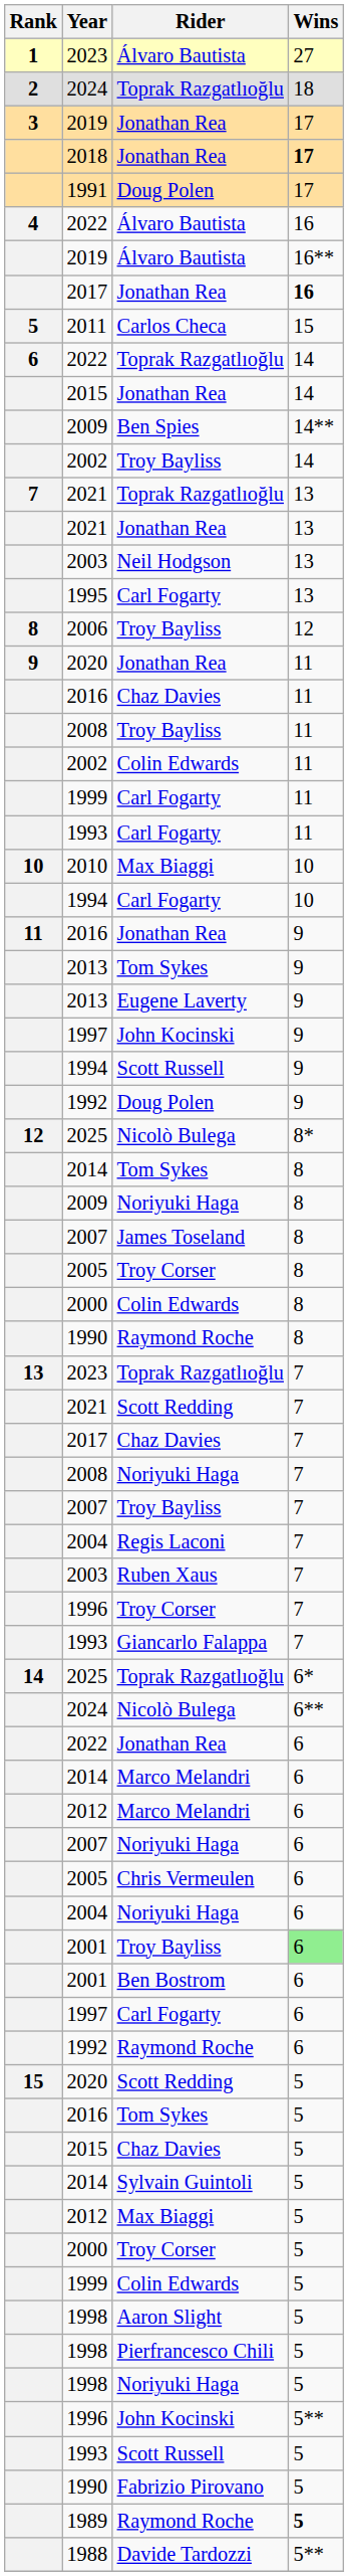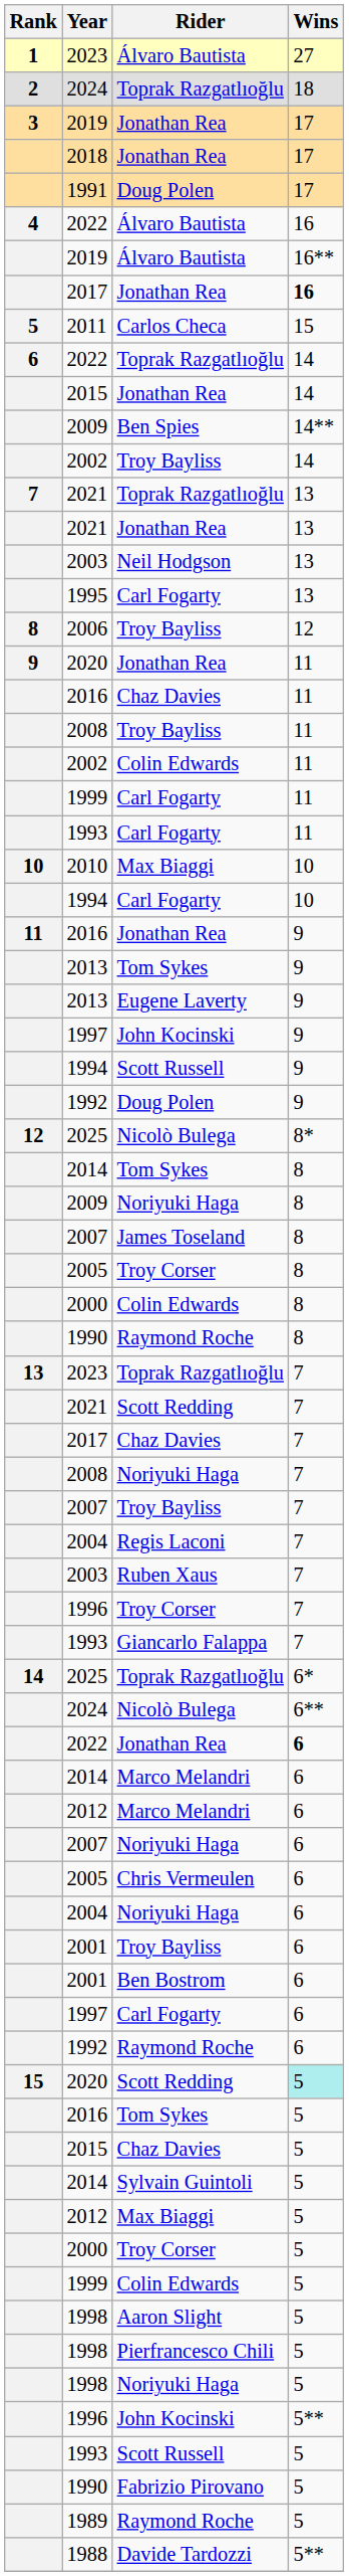 <table class="wikitable" style="font-size: 95%;">
 <tr>
 <th>Rank</th>
 <th>Year</th>
 <th>Rider</th>
 <th>Wins</th>
 </tr>
 <tr>
 <th style="background:#ffffbf;" align="center">1</th>
 <td style="background:#ffffbf;">2023</td>
 <td style="background:#ffffbf;"> <a href='#'>Álvaro Bautista</a></td>
 <td style="background:#ffffbf;">27</td>
 </tr>
 <tr>
 <th style="background:#dfdfdf;" align="center">2</th>
 <td style="background:#dfdfdf;">2024</td>
 <td style="background:#dfdfdf;"> <a href='#'>Toprak Razgatlıoğlu</a></td>
 <td style="background:#dfdfdf;">18</td>
 </tr>
 <tr>
 <th style="background:#ffdf9f;" align="center">3</th>
 <td style="background:#ffdf9f;">2019</td>
 <td style="background:#ffdf9f;"> <a href='#'>Jonathan Rea</a></td>
 <td style="background:#ffdf9f;">17</td>
 </tr>
 <tr>
 <td style="background:#ffdf9f;" align="center"></td>
 <td style="background:#ffdf9f;">2018</td>
 <td style="background:#ffdf9f;"> <a href='#'>Jonathan Rea</a></td>
-<td style="background:#ffdf9f;"><strong>17</strong></td>
+<td style="background:#ffdf9f;">17</td>
 </tr>
 <tr>
 <td style="background:#ffdf9f;" align="center"></td>
 <td style="background:#ffdf9f;">1991</td>
 <td style="background:#ffdf9f;"> <a href='#'>Doug Polen</a></td>
 <td style="background:#ffdf9f;">17</td>
 </tr>
 <tr>
 <th>4</th>
 <td>2022</td>
 <td> <a href='#'>Álvaro Bautista</a></td>
 <td>16</td>
 </tr>
 <tr>
 <th></th>
 <td>2019</td>
 <td> <a href='#'>Álvaro Bautista</a></td>
 <td>16**</td>
 </tr>
 <tr>
 <th></th>
 <td>2017</td>
 <td> <a href='#'>Jonathan Rea</a></td>
 <td><strong>16</strong></td>
 </tr>
 <tr>
 <th>5</th>
 <td>2011</td>
 <td> <a href='#'>Carlos Checa</a></td>
 <td>15</td>
 </tr>
 <tr>
 <th>6</th>
 <td>2022</td>
 <td> <a href='#'>Toprak Razgatlıoğlu</a></td>
 <td>14</td>
 </tr>
 <tr>
 <th></th>
 <td>2015</td>
 <td> <a href='#'>Jonathan Rea</a></td>
 <td>14</td>
 </tr>
 <tr>
 <th></th>
 <td>2009</td>
 <td> <a href='#'>Ben Spies</a></td>
 <td>14**</td>
 </tr>
 <tr>
 <th></th>
 <td>2002</td>
 <td> <a href='#'>Troy Bayliss</a></td>
 <td>14</td>
 </tr>
 <tr>
 <th>7</th>
 <td>2021</td>
 <td> <a href='#'>Toprak Razgatlıoğlu</a></td>
 <td>13</td>
 </tr>
 <tr>
 <th></th>
 <td>2021</td>
 <td> <a href='#'>Jonathan Rea</a></td>
 <td>13</td>
 </tr>
 <tr>
 <th></th>
 <td>2003</td>
 <td> <a href='#'>Neil Hodgson</a></td>
 <td>13</td>
 </tr>
 <tr>
 <th></th>
 <td>1995</td>
 <td> <a href='#'>Carl Fogarty</a></td>
 <td>13</td>
 </tr>
 <tr>
 <th>8</th>
 <td>2006</td>
 <td> <a href='#'>Troy Bayliss</a></td>
 <td>12</td>
 </tr>
 <tr>
 <th>9</th>
 <td>2020</td>
 <td> <a href='#'>Jonathan Rea</a></td>
 <td>11</td>
 </tr>
 <tr>
 <th></th>
 <td>2016</td>
 <td> <a href='#'>Chaz Davies</a></td>
 <td>11</td>
 </tr>
 <tr>
 <th></th>
 <td>2008</td>
 <td> <a href='#'>Troy Bayliss</a></td>
 <td>11</td>
 </tr>
 <tr>
 <th></th>
 <td>2002</td>
 <td> <a href='#'>Colin Edwards</a></td>
 <td>11</td>
 </tr>
 <tr>
 <th></th>
 <td>1999</td>
 <td> <a href='#'>Carl Fogarty</a></td>
 <td>11</td>
 </tr>
 <tr>
 <th></th>
 <td>1993</td>
 <td> <a href='#'>Carl Fogarty</a></td>
 <td>11</td>
 </tr>
 <tr>
 <th>10</th>
 <td>2010</td>
 <td> <a href='#'>Max Biaggi</a></td>
 <td>10</td>
 </tr>
 <tr>
 <th></th>
 <td>1994</td>
 <td> <a href='#'>Carl Fogarty</a></td>
 <td>10</td>
 </tr>
 <tr>
 <th>11</th>
 <td>2016</td>
 <td> <a href='#'>Jonathan Rea</a></td>
 <td>9</td>
 </tr>
 <tr>
 <th></th>
 <td>2013</td>
 <td> <a href='#'>Tom Sykes</a></td>
 <td>9</td>
 </tr>
 <tr>
 <th></th>
 <td>2013</td>
 <td> <a href='#'>Eugene Laverty</a></td>
 <td>9</td>
 </tr>
 <tr>
 <th></th>
 <td>1997</td>
 <td> <a href='#'>John Kocinski</a></td>
 <td>9</td>
 </tr>
 <tr>
 <th></th>
 <td>1994</td>
 <td> <a href='#'>Scott Russell</a></td>
 <td>9</td>
 </tr>
 <tr>
 <th></th>
 <td>1992</td>
 <td> <a href='#'>Doug Polen</a></td>
 <td>9</td>
 </tr>
 <tr>
 <th>12</th>
 <td>2025</td>
 <td> <a href='#'>Nicolò Bulega</a></td>
 <td>8*</td>
 </tr>
 <tr>
 <th></th>
 <td>2014</td>
 <td> <a href='#'>Tom Sykes</a></td>
 <td>8</td>
 </tr>
 <tr>
 <th></th>
 <td>2009</td>
 <td> <a href='#'>Noriyuki Haga</a></td>
 <td>8</td>
 </tr>
 <tr>
 <th></th>
 <td>2007</td>
 <td> <a href='#'>James Toseland</a></td>
 <td>8</td>
 </tr>
 <tr>
 <th></th>
 <td>2005</td>
 <td> <a href='#'>Troy Corser</a></td>
 <td>8</td>
 </tr>
 <tr>
 <th></th>
 <td>2000</td>
 <td> <a href='#'>Colin Edwards</a></td>
 <td>8</td>
 </tr>
 <tr>
 <th></th>
 <td>1990</td>
 <td> <a href='#'>Raymond Roche</a></td>
 <td>8</td>
 </tr>
 <tr>
 <th>13</th>
 <td>2023</td>
 <td> <a href='#'>Toprak Razgatlıoğlu</a></td>
 <td>7</td>
 </tr>
 <tr>
 <th></th>
 <td>2021</td>
 <td> <a href='#'>Scott Redding</a></td>
 <td>7</td>
 </tr>
 <tr>
 <th></th>
 <td>2017</td>
 <td> <a href='#'>Chaz Davies</a></td>
 <td>7</td>
 </tr>
 <tr>
 <th></th>
 <td>2008</td>
 <td> <a href='#'>Noriyuki Haga</a></td>
 <td>7</td>
 </tr>
 <tr>
 <th></th>
 <td>2007</td>
 <td> <a href='#'>Troy Bayliss</a></td>
 <td>7</td>
 </tr>
 <tr>
 <th></th>
 <td>2004</td>
 <td> <a href='#'>Regis Laconi</a></td>
 <td>7</td>
 </tr>
 <tr>
 <th></th>
 <td>2003</td>
 <td> <a href='#'>Ruben Xaus</a></td>
 <td>7</td>
 </tr>
 <tr>
 <th></th>
 <td>1996</td>
 <td> <a href='#'>Troy Corser</a></td>
 <td>7</td>
 </tr>
 <tr>
 <th></th>
 <td>1993</td>
 <td> <a href='#'>Giancarlo Falappa</a></td>
 <td>7</td>
 </tr>
 <tr>
 <th>14</th>
 <td>2025</td>
 <td> <a href='#'>Toprak Razgatlıoğlu</a></td>
 <td>6*</td>
 </tr>
 <tr>
 <th></th>
 <td>2024</td>
 <td> <a href='#'>Nicolò Bulega</a></td>
 <td>6**</td>
 </tr>
 <tr>
 <th></th>
 <td>2022</td>
 <td> <a href='#'>Jonathan Rea</a></td>
-<td>6</td>
+<td><strong>6</strong></td>
 </tr>
 <tr>
 <th></th>
 <td>2014</td>
 <td> <a href='#'>Marco Melandri</a></td>
 <td>6</td>
 </tr>
 <tr>
 <th></th>
 <td>2012</td>
 <td> <a href='#'>Marco Melandri</a></td>
 <td>6</td>
 </tr>
 <tr>
 <th></th>
 <td>2007</td>
 <td> <a href='#'>Noriyuki Haga</a></td>
 <td>6</td>
 </tr>
 <tr>
 <th></th>
 <td>2005</td>
 <td> <a href='#'>Chris Vermeulen</a></td>
 <td>6</td>
 </tr>
 <tr>
 <th></th>
 <td>2004</td>
 <td> <a href='#'>Noriyuki Haga</a></td>
 <td>6</td>
 </tr>
 <tr>
 <th></th>
 <td>2001</td>
 <td> <a href='#'>Troy Bayliss</a></td>
-<td style="background: lightgreen;">6</td>
+<td>6</td>
 </tr>
 <tr>
 <th></th>
 <td>2001</td>
 <td> <a href='#'>Ben Bostrom</a></td>
 <td>6</td>
 </tr>
 <tr>
 <th></th>
 <td>1997</td>
 <td> <a href='#'>Carl Fogarty</a></td>
 <td>6</td>
 </tr>
 <tr>
 <th></th>
 <td>1992</td>
 <td> <a href='#'>Raymond Roche</a></td>
 <td>6</td>
 </tr>
 <tr>
 <th>15</th>
 <td>2020</td>
 <td> <a href='#'>Scott Redding</a></td>
-<td>5</td>
+<td style="background: paleturquoise;">5</td>
 </tr>
 <tr>
 <th></th>
 <td>2016</td>
 <td> <a href='#'>Tom Sykes</a></td>
 <td>5</td>
 </tr>
 <tr>
 <th></th>
 <td>2015</td>
 <td> <a href='#'>Chaz Davies</a></td>
 <td>5</td>
 </tr>
 <tr>
 <th></th>
 <td>2014</td>
 <td> <a href='#'>Sylvain Guintoli</a></td>
 <td>5</td>
 </tr>
 <tr>
 <th></th>
 <td>2012</td>
 <td> <a href='#'>Max Biaggi</a></td>
 <td>5</td>
 </tr>
 <tr>
 <th></th>
 <td>2000</td>
 <td> <a href='#'>Troy Corser</a></td>
 <td>5</td>
 </tr>
 <tr>
 <th></th>
 <td>1999</td>
 <td> <a href='#'>Colin Edwards</a></td>
 <td>5</td>
 </tr>
 <tr>
 <th></th>
 <td>1998</td>
 <td> <a href='#'>Aaron Slight</a></td>
 <td>5</td>
 </tr>
 <tr>
 <th></th>
 <td>1998</td>
 <td> <a href='#'>Pierfrancesco Chili</a></td>
 <td>5</td>
 </tr>
 <tr>
 <th></th>
 <td>1998</td>
 <td> <a href='#'>Noriyuki Haga</a></td>
 <td>5</td>
 </tr>
 <tr>
 <th></th>
 <td>1996</td>
 <td> <a href='#'>John Kocinski</a></td>
 <td>5**</td>
 </tr>
 <tr>
 <th></th>
 <td>1993</td>
 <td> <a href='#'>Scott Russell</a></td>
 <td>5</td>
 </tr>
 <tr>
 <th></th>
 <td>1990</td>
 <td> <a href='#'>Fabrizio Pirovano</a></td>
 <td>5</td>
 </tr>
 <tr>
 <th></th>
 <td>1989</td>
 <td> <a href='#'>Raymond Roche</a></td>
-<td><strong>5</strong></td>
+<td>5</td>
 </tr>
 <tr>
 <th></th>
 <td>1988</td>
 <td> <a href='#'>Davide Tardozzi</a></td>
 <td>5**</td>
 </tr>
 <tr>
 </tr>
 </table>
